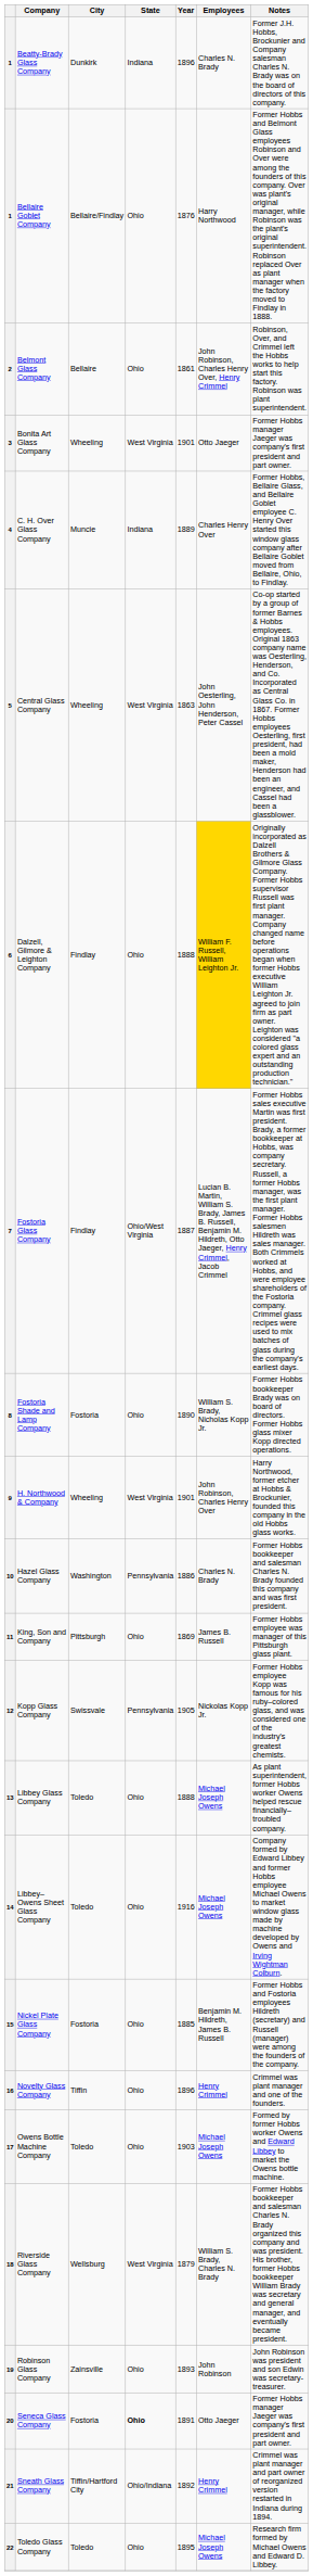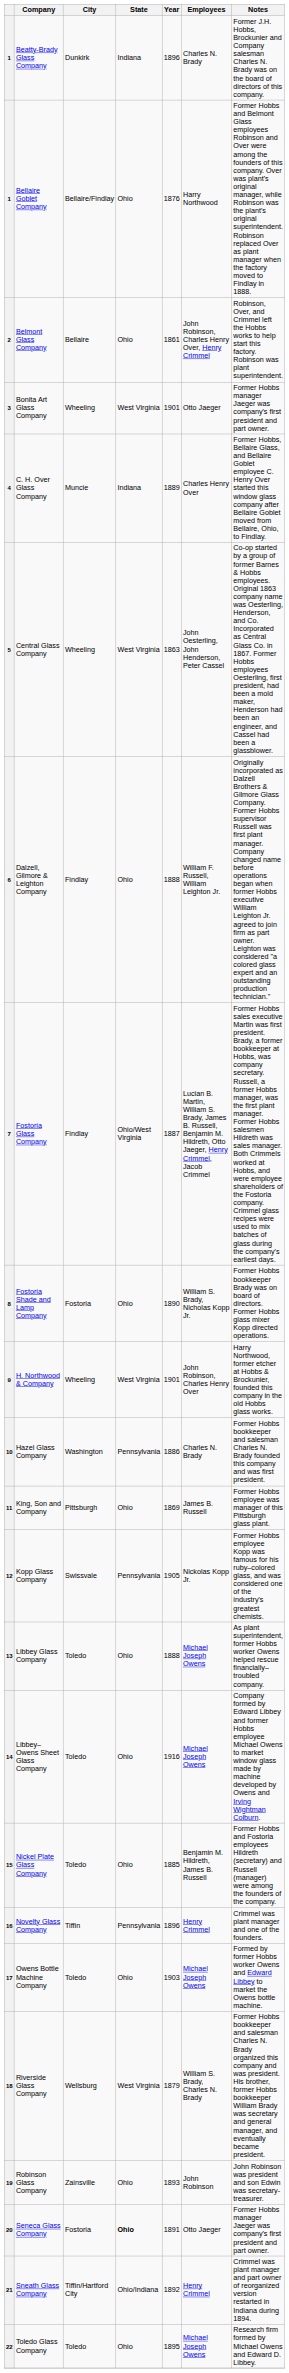 <table class="wikitable sortable" style="width:100%">
 <tr>
 <th></th>
 <th width = 20% ><strong>Company</strong></th>
 <th width = 10% ><strong>City</strong></th>
 <th width = 4% ><strong>State</strong></th>
 <th width = 4% ><strong>Year</strong></th>
 <th width = 20% ><strong>Employees</strong></th>
 <th class="unsortable" ><strong>Notes</strong></th>
 </tr>
 <tr ->
 <th><small>1</small></th>
 <td><a href='#'>Beatty-Brady Glass Company</a></td>
 <td>Dunkirk</td>
 <td>Indiana</td>
 <td>1896</td>
 <td>Charles N. Brady</td>
 <td>Former J.H. Hobbs, Brockunier and Company salesman Charles N. Brady was on the board of directors of this company.</td>
 </tr>
 <tr ->
 <th><small>1</small></th>
 <td><a href='#'>Bellaire Goblet Company</a></td>
 <td>Bellaire/Findlay</td>
 <td>Ohio</td>
 <td>1876</td>
 <td>Harry Northwood</td>
 <td>Former Hobbs and Belmont Glass employees Robinson and Over were among the founders of this company.  Over was plant's original manager, while Robinson was the plant's original superintendent.  Robinson replaced Over as plant manager when the factory moved to Findlay in 1888.</td>
 </tr>
 <tr ->
 <th><small>2</small></th>
 <td><a href='#'>Belmont Glass Company</a></td>
 <td>Bellaire</td>
 <td>Ohio</td>
 <td>1861</td>
 <td>John Robinson, Charles Henry Over, <a href='#'>Henry Crimmel</a></td>
 <td>Robinson, Over, and Crimmel left the Hobbs works to help start this factory.  Robinson was plant superintendent.</td>
 </tr>
 <tr ->
 <th><small>3</small></th>
 <td>Bonita Art Glass Company</td>
 <td>Wheeling</td>
 <td>West Virginia</td>
 <td>1901</td>
 <td>Otto Jaeger</td>
 <td>Former Hobbs manager Jaeger was company's first president and part owner.</td>
 </tr>
 <tr ->
 <th><small>4</small></th>
 <td>C. H. Over Glass Company</td>
 <td>Muncie</td>
 <td>Indiana</td>
 <td>1889</td>
 <td>Charles Henry Over</td>
 <td>Former Hobbs, Bellaire Glass, and Bellaire Goblet employee C. Henry Over started this window glass company after Bellaire Goblet moved from Bellaire, Ohio, to Findlay.</td>
 </tr>
 <tr ->
 <th><small>5</small></th>
 <td>Central Glass Company</td>
 <td>Wheeling</td>
 <td>West Virginia</td>
 <td>1863</td>
 <td>John Oesterling, John Henderson, Peter Cassel</td>
 <td>Co-op started by a group of former Barnes & Hobbs employees. Original 1863 company name was Oesterling, Henderson, and Co. Incorporated as Central Glass Co. in 1867.  Former Hobbs employees Oesterling, first president, had been a mold maker, Henderson had been an engineer, and Cassel had been a glassblower.</td>
 </tr>
 <tr ->
 <th><small>6</small></th>
 <td>Dalzell, Gilmore & Leighton Company</td>
 <td>Findlay</td>
 <td>Ohio</td>
 <td>1888</td>
-<td style="background: gold;">William F. Russell, William Leighton Jr.</td>
+<td>William F. Russell, William Leighton Jr.</td>
 <td>Originally incorporated as Dalzell Brothers & Gilmore Glass Company.  Former Hobbs supervisor Russell was first plant manager.  Company changed name before operations began when former Hobbs executive William Leighton Jr. agreed to join firm as part owner.  Leighton was considered "a colored glass expert and an outstanding production technician."</td>
 </tr>
 <tr ->
 <th><small>7</small></th>
 <td><a href='#'>Fostoria Glass Company</a></td>
 <td>Findlay</td>
 <td>Ohio/West Virginia</td>
 <td>1887</td>
 <td>Lucian B. Martin, William S. Brady, James B. Russell, Benjamin M. Hildreth, Otto Jaeger, <a href='#'>Henry Crimmel</a>, Jacob Crimmel</td>
 <td>Former Hobbs sales executive Martin was first president.  Brady, a former bookkeeper at Hobbs, was company secretary.  Russell, a former Hobbs manager, was the first plant manager. Former Hobbs salesmen Hildreth was sales manager.  Both Crimmels worked at Hobbs, and were employee shareholders of the Fostoria company.  Crimmel glass recipes were used to mix batches of glass during the company's earliest days.</td>
 </tr>
 <tr ->
 <th><small>8</small></th>
 <td><a href='#'>Fostoria Shade and Lamp Company</a></td>
 <td>Fostoria</td>
 <td>Ohio</td>
 <td>1890</td>
 <td>William S. Brady, Nicholas Kopp Jr.</td>
 <td>Former Hobbs bookkeeper Brady was on board of directors.  Former Hobbs glass mixer Kopp directed operations.</td>
 </tr>
 <tr ->
 <th><small>9</small></th>
 <td><a href='#'>H. Northwood & Company</a></td>
 <td>Wheeling</td>
 <td>West Virginia</td>
 <td>1901</td>
 <td>John Robinson, Charles Henry Over</td>
 <td>Harry Northwood, former etcher at Hobbs & Brockunier, founded this company in the old Hobbs glass works.</td>
 </tr>
 <tr ->
 <th><small>10</small></th>
 <td>Hazel Glass Company</td>
 <td>Washington</td>
 <td>Pennsylvania</td>
 <td>1886</td>
 <td>Charles N. Brady</td>
 <td>Former Hobbs bookkeeper and salesman Charles N. Brady founded this company and was first president.</td>
 </tr>
 <tr ->
 <th><small>11</small></th>
 <td>King, Son and Company</td>
 <td>Pittsburgh</td>
 <td>Ohio</td>
 <td>1869</td>
 <td>James B. Russell</td>
 <td>Former Hobbs employee was manager of this Pittsburgh glass plant.</td>
 </tr>
 <tr ->
 <th><small>12</small></th>
 <td>Kopp Glass Company</td>
 <td>Swissvale</td>
 <td>Pennsylvania</td>
 <td>1905</td>
 <td>Nickolas Kopp Jr.</td>
 <td>Former Hobbs employee Kopp was famous for his ruby–colored glass, and was considered one of the industry's greatest chemists.</td>
 </tr>
 <tr ->
 <th><small>13</small></th>
 <td>Libbey Glass Company</td>
 <td>Toledo</td>
 <td>Ohio</td>
 <td>1888</td>
 <td><a href='#'>Michael Joseph Owens</a></td>
 <td>As plant superintendent, former Hobbs worker Owens helped rescue financially–troubled company.</td>
 </tr>
 <tr ->
 <th><small>14</small></th>
 <td>Libbey–Owens Sheet Glass Company</td>
 <td>Toledo</td>
 <td>Ohio</td>
 <td>1916</td>
 <td><a href='#'>Michael Joseph Owens</a></td>
 <td>Company formed by Edward Libbey and former Hobbs employee Michael Owens to market window glass made by machine developed by Owens and <a href='#'>Irving Wightman Colburn</a>.</td>
 </tr>
 <tr ->
 <th><small>15</small></th>
 <td><a href='#'>Nickel Plate Glass Company</a></td>
-<td>Fostoria</td>
+<td>Toledo</td>
 <td>Ohio</td>
 <td>1885</td>
 <td>Benjamin M. Hildreth, James B. Russell</td>
 <td>Former Hobbs and Fostoria employees Hildreth (secretary) and Russell (manager) were among the founders of the company.</td>
 </tr>
 <tr ->
 <th><small>16</small></th>
 <td><a href='#'>Novelty Glass Company</a></td>
 <td>Tiffin</td>
-<td>Ohio</td>
+<td>Pennsylvania</td>
 <td>1896</td>
 <td><a href='#'>Henry Crimmel</a></td>
 <td>Crimmel was plant manager and one of the founders.</td>
 </tr>
 <tr ->
 <th><small>17</small></th>
 <td>Owens Bottle Machine Company</td>
 <td>Toledo</td>
 <td>Ohio</td>
 <td>1903</td>
 <td><a href='#'>Michael Joseph Owens</a></td>
 <td>Formed by former Hobbs worker Owens and <a href='#'>Edward Libbey</a> to market the Owens bottle machine.</td>
 </tr>
 <tr ->
 <th><small>18</small></th>
 <td>Riverside Glass Company</td>
 <td>Wellsburg</td>
 <td>West Virginia</td>
 <td>1879</td>
 <td>William S. Brady, Charles N. Brady</td>
 <td>Former Hobbs bookkeeper and salesman Charles N. Brady organized this company and was president.  His brother, former Hobbs bookkeeper William Brady was secretary and general manager, and eventually became president.</td>
 </tr>
 <tr ->
 <th><small>19</small></th>
 <td>Robinson Glass Company</td>
 <td>Zainsville</td>
 <td>Ohio</td>
 <td>1893</td>
 <td>John Robinson</td>
 <td>John Robinson was president and son Edwin was secretary-treasurer.</td>
 </tr>
 <tr ->
 <th><small>20</small></th>
 <td><a href='#'>Seneca Glass Company</a></td>
 <td>Fostoria</td>
 <td><strong>Ohio</strong></td>
 <td>1891</td>
 <td>Otto Jaeger</td>
 <td>Former Hobbs manager Jaeger was company's first president and part owner.</td>
 </tr>
 <tr ->
 <th><small>21</small></th>
 <td><a href='#'>Sneath Glass Company</a></td>
 <td>Tiffin/Hartford City</td>
 <td>Ohio/Indiana</td>
 <td>1892</td>
 <td><a href='#'>Henry Crimmel</a></td>
 <td>Crimmel was plant manager and part owner of reorganized version restarted in Indiana during 1894.</td>
 </tr>
 <tr ->
 <th><small>22</small></th>
 <td>Toledo Glass Company</td>
 <td>Toledo</td>
 <td>Ohio</td>
 <td>1895</td>
 <td><a href='#'>Michael Joseph Owens</a></td>
 <td>Research firm formed by Michael Owens and Edward D. Libbey.</td>
 </tr>
 <tr ->
 </tr>
 </table>
